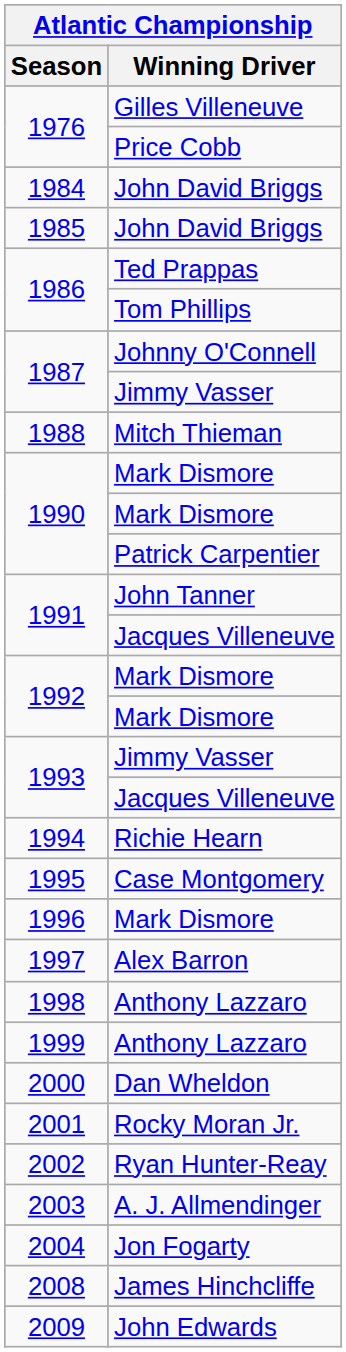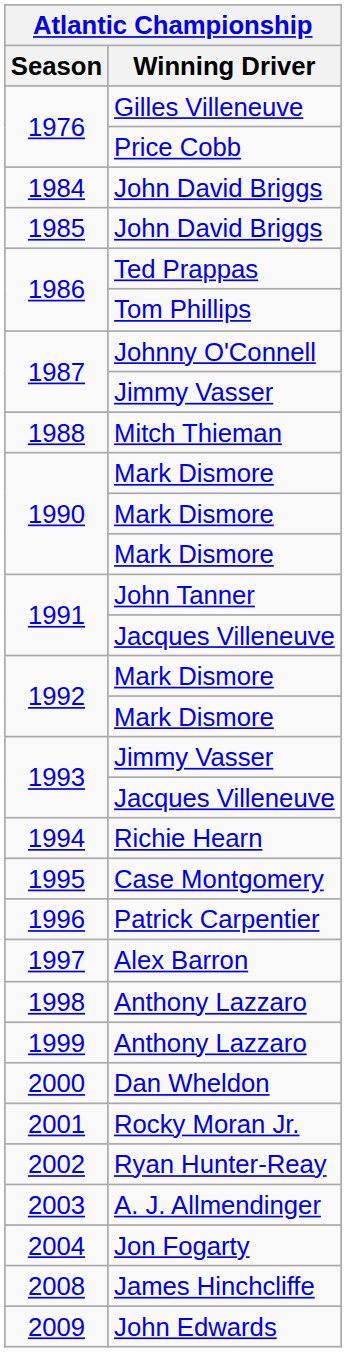 <table class="wikitable" style="font-size: 95%;">
 <tr>
 <th colspan=2><a href='#'>Atlantic Championship</a></th>
 </tr>
 <tr>
 <th>Season</th>
 <th>Winning Driver</th>
 </tr>
 <tr>
 <td style="text-align:center;" rowspan="2"><a href='#'>1976</a></td>
 <td> <a href='#'>Gilles Villeneuve</a></td>
 </tr>
 <tr>
 <td> <a href='#'>Price Cobb</a></td>
 </tr>
 <tr>
 <td style="text-align:center;"><a href='#'>1984</a></td>
 <td> <a href='#'>John David Briggs</a></td>
 </tr>
 <tr>
 <td style="text-align:center;"><a href='#'>1985</a></td>
 <td> <a href='#'>John David Briggs</a></td>
 </tr>
 <tr>
 <td style="text-align:center;" rowspan="2"><a href='#'>1986</a></td>
 <td> <a href='#'>Ted Prappas</a></td>
 </tr>
 <tr>
 <td> <a href='#'>Tom Phillips</a></td>
 </tr>
 <tr>
 <td style="text-align:center;" rowspan="2"><a href='#'>1987</a></td>
 <td> <a href='#'>Johnny O'Connell</a></td>
 </tr>
 <tr>
 <td> <a href='#'>Jimmy Vasser</a></td>
 </tr>
 <tr>
 <td align=center><a href='#'>1988</a></td>
 <td> <a href='#'>Mitch Thieman</a></td>
 </tr>
 <tr>
 <td style="text-align:center;" rowspan="3"><a href='#'>1990</a></td>
 <td> <a href='#'>Mark Dismore</a></td>
 </tr>
 <tr>
 <td> <a href='#'>Mark Dismore</a></td>
 </tr>
 <tr>
-<td> <a href='#'>Patrick Carpentier</a></td>
+<td> <a href='#'>Mark Dismore</a></td>
 </tr>
 <tr>
 <td style="text-align:center;" rowspan="2"><a href='#'>1991</a></td>
 <td> <a href='#'>John Tanner</a></td>
 </tr>
 <tr>
 <td> <a href='#'>Jacques Villeneuve</a></td>
 </tr>
 <tr>
 <td style="text-align:center;" rowspan="2"><a href='#'>1992</a></td>
 <td> <a href='#'>Mark Dismore</a></td>
 </tr>
 <tr>
 <td> <a href='#'>Mark Dismore</a></td>
 </tr>
 <tr>
 <td style="text-align:center;" rowspan="2"><a href='#'>1993</a></td>
 <td> <a href='#'>Jimmy Vasser</a></td>
 </tr>
 <tr>
 <td> <a href='#'>Jacques Villeneuve</a></td>
 </tr>
 <tr>
 <td align=center><a href='#'>1994</a></td>
 <td> <a href='#'>Richie Hearn</a></td>
 </tr>
 <tr>
 <td style="text-align:center;"><a href='#'>1995</a></td>
 <td> <a href='#'>Case Montgomery</a></td>
 </tr>
 <tr>
 <td style="text-align:center;"><a href='#'>1996</a></td>
-<td> <a href='#'>Mark Dismore</a></td>
+<td> <a href='#'>Patrick Carpentier</a></td>
 </tr>
 <tr>
 <td style="text-align:center;"><a href='#'>1997</a></td>
 <td> <a href='#'>Alex Barron</a></td>
 </tr>
 <tr>
 <td style="text-align:center;"><a href='#'>1998</a></td>
 <td> <a href='#'>Anthony Lazzaro</a></td>
 </tr>
 <tr>
 <td style="text-align:center;"><a href='#'>1999</a></td>
 <td> <a href='#'>Anthony Lazzaro</a></td>
 </tr>
 <tr>
 <td style="text-align:center;"><a href='#'>2000</a></td>
 <td> <a href='#'>Dan Wheldon</a></td>
 </tr>
 <tr>
 <td style="text-align:center;"><a href='#'>2001</a></td>
 <td> <a href='#'>Rocky Moran Jr.</a></td>
 </tr>
 <tr>
 <td style="text-align:center;"><a href='#'>2002</a></td>
 <td> <a href='#'>Ryan Hunter-Reay</a></td>
 </tr>
 <tr>
 <td style="text-align:center;"><a href='#'>2003</a></td>
 <td> <a href='#'>A. J. Allmendinger</a></td>
 </tr>
 <tr>
 <td style="text-align:center;"><a href='#'>2004</a></td>
 <td> <a href='#'>Jon Fogarty</a></td>
 </tr>
 <tr>
 <td style="text-align:center;"><a href='#'>2008</a></td>
 <td> <a href='#'>James Hinchcliffe</a></td>
 </tr>
 <tr>
 <td style="text-align:center;"><a href='#'>2009</a></td>
 <td> <a href='#'>John Edwards</a></td>
 </tr>
 </table>
